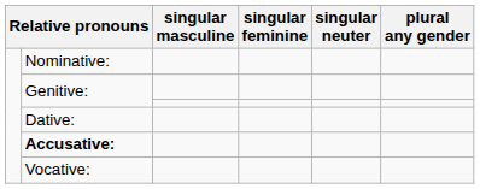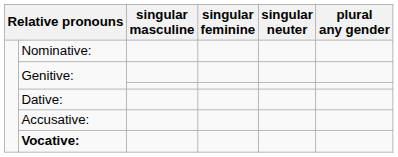 <table class="wikitable">
 <tr>
 <th colspan="2"><strong>Relative pronouns</strong></th>
 <th>singular<br>masculine</th>
 <th>singular<br>feminine</th>
 <th>singular<br>neuter</th>
 <th>plural<br>any gender</th>
 </tr>
 <tr>
 <td rowspan="6" style="width:5en"> </td>
 <td>Nominative:</td>
 <td><em></em></td>
 <td><em></em></td>
 <td><em></em></td>
 <td><em></em></td>
 </tr>
 <tr>
 <td rowspan="2">Genitive:</td>
 <td><em></em> <br> <em></em></td>
 <td><em></em></td>
 <td><em></em> <br> <em></em></td>
 <td><em></em></td>
 </tr>
 <tr>
 <td><em></em></td>
 <td><em></em></td>
 <td><em></em></td>
 <td><em></em></td>
 </tr>
 <tr>
 <td>Dative:</td>
 <td><em></em></td>
 <td><em></em></td>
 <td><em></em></td>
 <td><em></em></td>
 </tr>
 <tr>
-<td><strong>Accusative:</strong></td>
+<td>Accusative:</td>
 <td><em></em></td>
 <td><em></em></td>
 <td><em></em></td>
 <td><em></em></td>
 </tr>
 <tr>
-<td>Vocative:</td>
+<td><strong>Vocative:</strong></td>
 <td><em></em></td>
 <td><em></em></td>
 <td><em></em></td>
 <td><em></em></td>
 </tr>
 </table>
